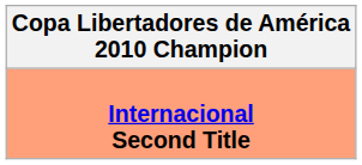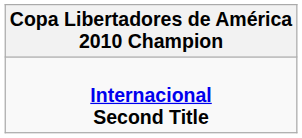 <table class="wikitable" style="text-align: center; margin: 0 auto;">
 <tr>
 <th>Copa Libertadores de América<br>2010 Champion</th>
 </tr>
 <tr>
-<td style="background: lightsalmon;"><br><strong><a href='#'>Internacional</a></strong><br><strong>Second Title</strong></td>
+<td><br><strong><a href='#'>Internacional</a></strong><br><strong>Second Title</strong></td>
 </tr>
 </table>
